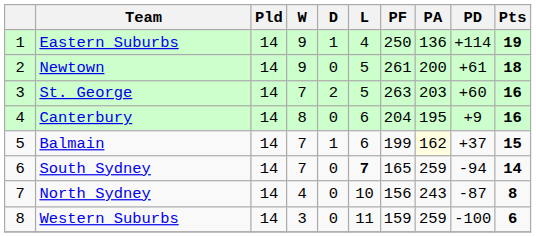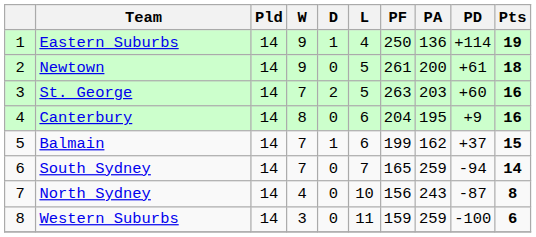 <table class="wikitable" style="text-align:center;">
 <tr>
 <th width=20 abbr="Position"></th>
 <th width=175>Team</th>
 <th width=20 abbr="Played">Pld</th>
 <th width=20 abbr="Won">W</th>
 <th width=20 abbr="Drawn">D</th>
 <th width=20 abbr="Lost">L</th>
 <th width=20 abbr="Points for">PF</th>
 <th width=20 abbr="Points against">PA</th>
 <th width=20 abbr="Points difference">PD</th>
 <th width=20 abbr="Points">Pts</th>
 </tr>
 <tr style="background: #ccffcc;">
 <td>1</td>
 <td style="text-align:left;"> <a href='#'>Eastern Suburbs</a></td>
 <td>14</td>
 <td>9</td>
 <td>1</td>
 <td>4</td>
 <td>250</td>
 <td>136</td>
 <td>+114</td>
 <td><strong>19</strong></td>
 </tr>
 <tr style="background: #ccffcc;">
 <td>2</td>
 <td style="text-align:left;"> <a href='#'>Newtown</a></td>
 <td>14</td>
 <td>9</td>
 <td>0</td>
 <td>5</td>
 <td>261</td>
 <td>200</td>
 <td>+61</td>
 <td><strong>18</strong></td>
 </tr>
 <tr style="background: #ccffcc;">
 <td>3</td>
 <td style="text-align:left;"> <a href='#'>St. George</a></td>
 <td>14</td>
 <td>7</td>
 <td>2</td>
 <td>5</td>
 <td>263</td>
 <td>203</td>
 <td>+60</td>
 <td><strong>16</strong></td>
 </tr>
 <tr style="background: #ccffcc;">
 <td>4</td>
 <td style="text-align:left;"> <a href='#'>Canterbury</a></td>
 <td>14</td>
 <td>8</td>
 <td>0</td>
 <td>6</td>
 <td>204</td>
 <td>195</td>
 <td>+9</td>
 <td><strong>16</strong></td>
 </tr>
 <tr>
 <td>5</td>
 <td style="text-align:left;"> <a href='#'>Balmain</a></td>
 <td>14</td>
 <td>7</td>
 <td>1</td>
 <td>6</td>
 <td>199</td>
-<td style="background: lightyellow;">162</td>
+<td>162</td>
 <td>+37</td>
 <td><strong>15</strong></td>
 </tr>
 <tr>
 <td>6</td>
 <td style="text-align:left;"> <a href='#'>South Sydney</a></td>
 <td>14</td>
 <td>7</td>
 <td>0</td>
-<td><strong>7</strong></td>
+<td>7</td>
 <td>165</td>
 <td>259</td>
 <td>-94</td>
 <td><strong>14</strong></td>
 </tr>
 <tr>
 <td>7</td>
 <td style="text-align:left;"> <a href='#'>North Sydney</a></td>
 <td>14</td>
 <td>4</td>
 <td>0</td>
 <td>10</td>
 <td>156</td>
 <td>243</td>
 <td>-87</td>
 <td><strong>8</strong></td>
 </tr>
 <tr>
 <td>8</td>
 <td style="text-align:left;"> <a href='#'>Western Suburbs</a></td>
 <td>14</td>
 <td>3</td>
 <td>0</td>
 <td>11</td>
 <td>159</td>
 <td>259</td>
 <td>-100</td>
 <td><strong>6</strong></td>
 </tr>
 <tr>
 </tr>
 </table>
